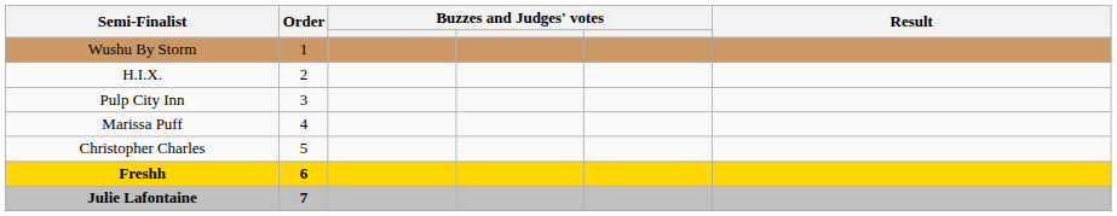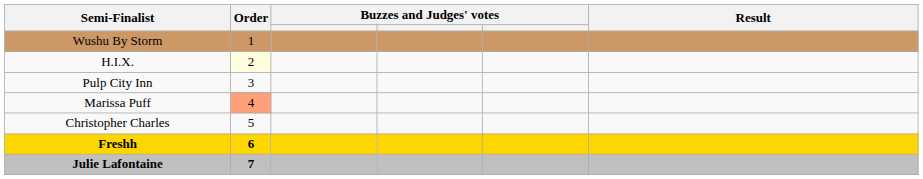 <table class="wikitable plainrowheaders sortable" style="text-align:center;">
 <tr>
 <th scope="col" rowspan="2" class="unsortable" style="width:17em;">Semi-Finalist</th>
 <th scope="col" rowspan="2" style="width:1em;">Order</th>
 <th scope="col" colspan="3" class="unsortable" style="width:24em;">Buzzes and Judges' votes</th>
 <th scope="col" rowspan="2" style="width:25em;">Result</th>
 </tr>
 <tr>
 <th scope="col" class="unsortable" style="width:6em;"></th>
 <th scope="col" class="unsortable" style="width:6em;"></th>
 <th scope="col" class="unsortable" style="width:6em;"></th>
 </tr>
 <tr style="background:#c96;">
 <td>Wushu By Storm</td>
 <td>1</td>
 <td style="text-align:center"></td>
 <td style="text-align:center"></td>
 <td style="text-align:center"></td>
 <td></td>
 </tr>
 <tr>
 <td>H.I.X.</td>
-<td>2</td>
+<td style="background: lightyellow;">2</td>
 <td style="text-align:center"></td>
 <td style="text-align:center"></td>
 <td style="text-align:center"></td>
 <td></td>
 </tr>
 <tr>
 <td>Pulp City Inn</td>
 <td>3</td>
 <td style="text-align:center"></td>
 <td style="text-align:center"></td>
 <td style="text-align:center"></td>
 <td></td>
 </tr>
 <tr>
 <td>Marissa Puff</td>
-<td>4</td>
+<td style="background: lightsalmon;">4</td>
 <td style="text-align:center"></td>
 <td style="text-align:center"></td>
 <td style="text-align:center"></td>
 <td></td>
 </tr>
 <tr>
 <td>Christopher Charles</td>
 <td>5</td>
 <td style="text-align:center"></td>
 <td style="text-align:center"></td>
 <td style="text-align:center"></td>
 <td></td>
 </tr>
 <tr style="background:gold;">
 <td><strong>Freshh</strong></td>
 <td><strong>6</strong></td>
 <td style="text-align:center"></td>
 <td style="text-align:center"></td>
 <td style="text-align:center"></td>
 <td><strong></strong></td>
 </tr>
 <tr style="background:silver;">
 <td><strong>Julie Lafontaine</strong></td>
 <td><strong>7</strong></td>
 <td style="text-align:center"></td>
 <td style="text-align:center"></td>
 <td style="text-align:center"></td>
 <td><strong></strong></td>
 </tr>
 <tr>
 </tr>
 </table>
